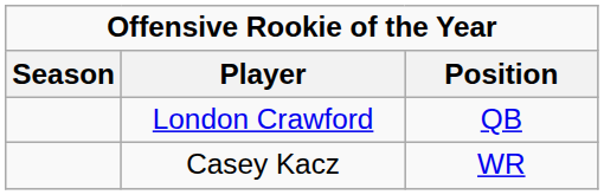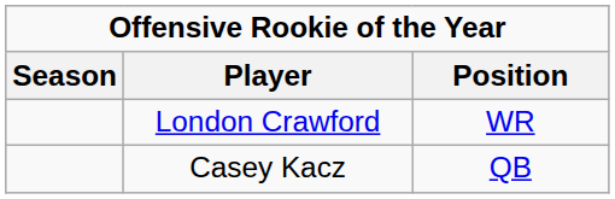 <table class="wikitable sortable" style="text-align:center">
 <tr>
 <td colspan="4"><strong>Offensive Rookie of the Year</strong></td>
 </tr>
 <tr>
 <th style="width:50px; ">Season</th>
 <th style="width:150px; ">Player</th>
 <th style="width:100px; ">Position</th>
 </tr>
 <tr>
 <td></td>
 <td><a href='#'>London Crawford</a></td>
-<td><a href='#'>QB</a></td>
+<td><a href='#'>WR</a></td>
 </tr>
 <tr>
 <td></td>
 <td>Casey Kacz</td>
-<td><a href='#'>WR</a></td>
+<td><a href='#'>QB</a></td>
 </tr>
 </table>
